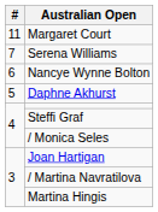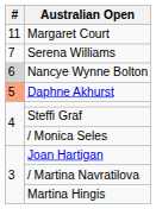 <table class=wikitable>
 <tr>
 <th style="width:18px;">#</th>
 <th>Australian Open</th>
 </tr>
 <tr>
 <td>11</td>
 <td> Margaret Court</td>
 </tr>
 <tr>
 <td>7</td>
 <td> Serena Williams</td>
 </tr>
 <tr>
-<td>6</td>
+<td style="background: lightgrey;">6</td>
 <td> Nancye Wynne Bolton</td>
 </tr>
 <tr>
-<td>5</td>
+<td style="background: lightsalmon;">5</td>
 <td> <a href='#'>Daphne Akhurst</a></td>
 </tr>
 <tr>
 <td rowspan="3">4</td>
 <td></td>
 </tr>
 <tr>
 <td> Steffi Graf</td>
 </tr>
 <tr>
 <td>/ Monica Seles</td>
 </tr>
 <tr>
 <td rowspan="3">3</td>
 <td> <a href='#'>Joan Hartigan</a></td>
 </tr>
 <tr>
 <td>/ Martina Navratilova</td>
 </tr>
 <tr>
 <td> Martina Hingis</td>
 </tr>
 </table>
